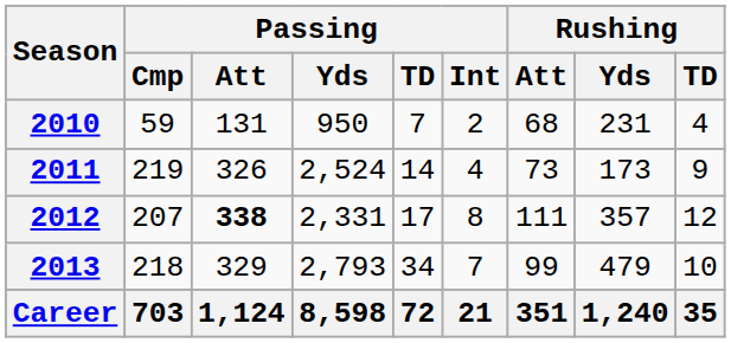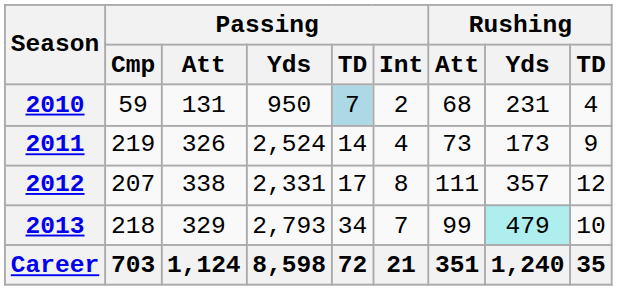 <table class="wikitable" style="text-align:center;">
 <tr>
 <th rowspan="2">Season</th>
 <th colspan="5">Passing</th>
 <th colspan="3">Rushing</th>
 </tr>
 <tr>
 <th>Cmp</th>
 <th>Att</th>
 <th>Yds</th>
 <th>TD</th>
 <th>Int</th>
 <th>Att</th>
 <th>Yds</th>
 <th>TD</th>
 </tr>
 <tr>
 <th><a href='#'>2010</a></th>
 <td>59</td>
 <td>131</td>
 <td>950</td>
-<td>7</td>
+<td style="background: lightblue;">7</td>
 <td>2</td>
 <td>68</td>
 <td>231</td>
 <td>4</td>
 </tr>
 <tr>
 <th><a href='#'>2011</a></th>
 <td>219</td>
 <td>326</td>
 <td>2,524</td>
 <td>14</td>
 <td>4</td>
 <td>73</td>
 <td>173</td>
 <td>9</td>
 </tr>
 <tr>
 <th><a href='#'>2012</a></th>
 <td>207</td>
-<td><strong>338</strong></td>
+<td>338</td>
 <td>2,331</td>
 <td>17</td>
 <td>8</td>
 <td>111</td>
 <td>357</td>
 <td>12</td>
 </tr>
 <tr>
 <th><a href='#'>2013</a></th>
 <td>218</td>
 <td>329</td>
 <td>2,793</td>
 <td>34</td>
 <td>7</td>
 <td>99</td>
-<td>479</td>
+<td style="background: paleturquoise;">479</td>
 <td>10</td>
 </tr>
 <tr>
 <th><a href='#'>Career</a></th>
 <th>703</th>
 <th>1,124</th>
 <th>8,598</th>
 <th>72</th>
 <th>21</th>
 <th>351</th>
 <th>1,240</th>
 <th>35</th>
 </tr>
 </table>
